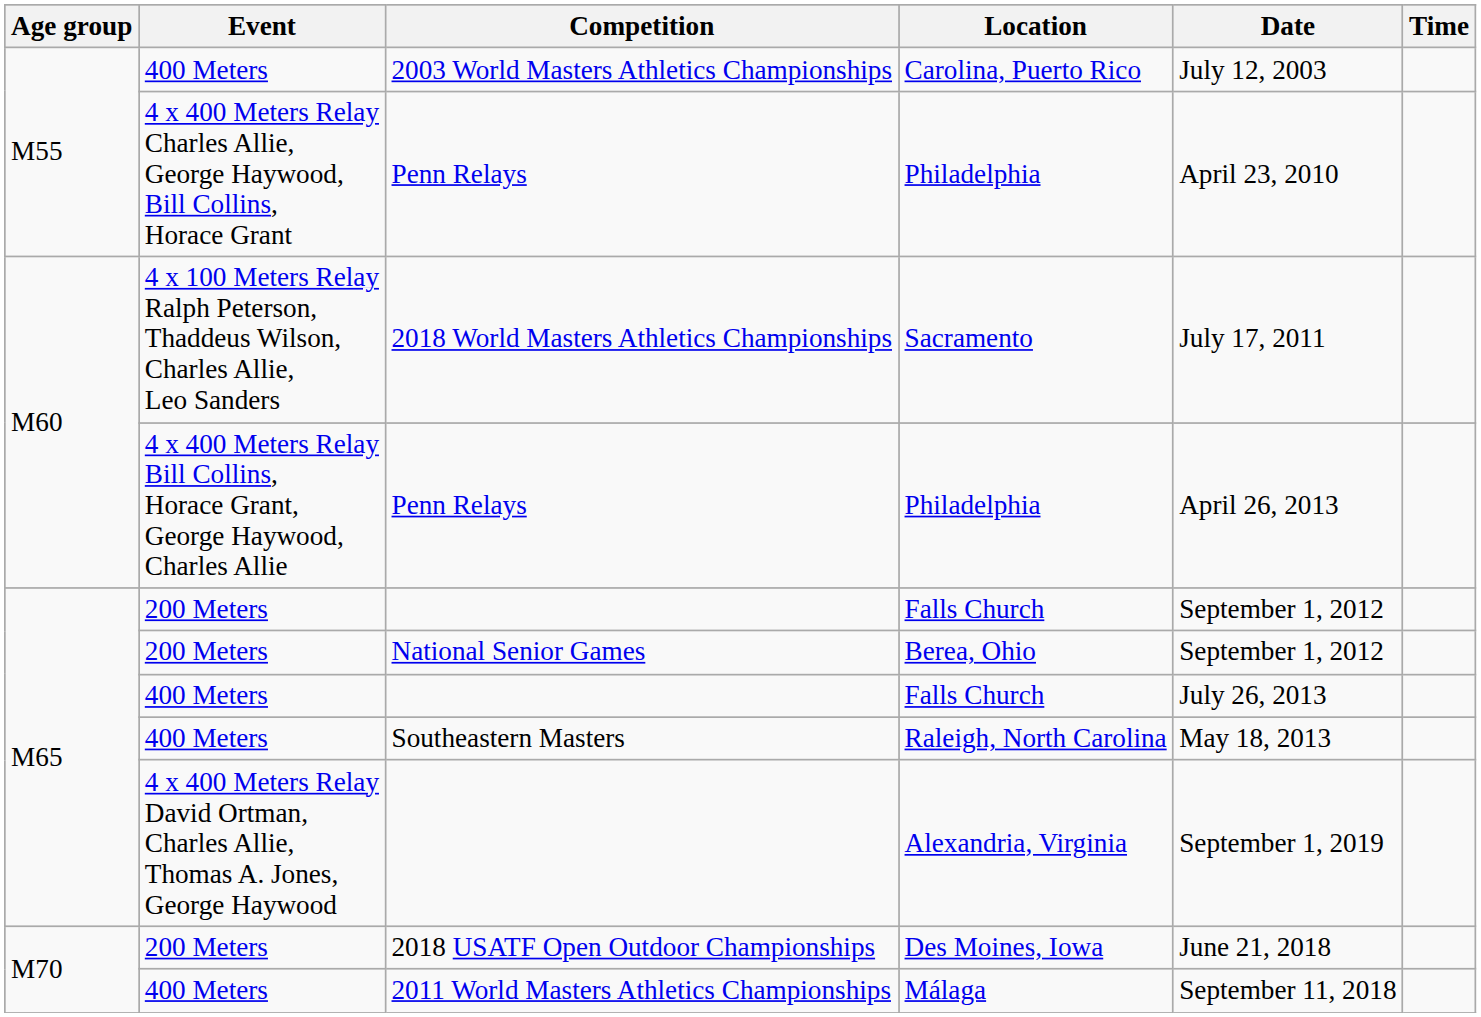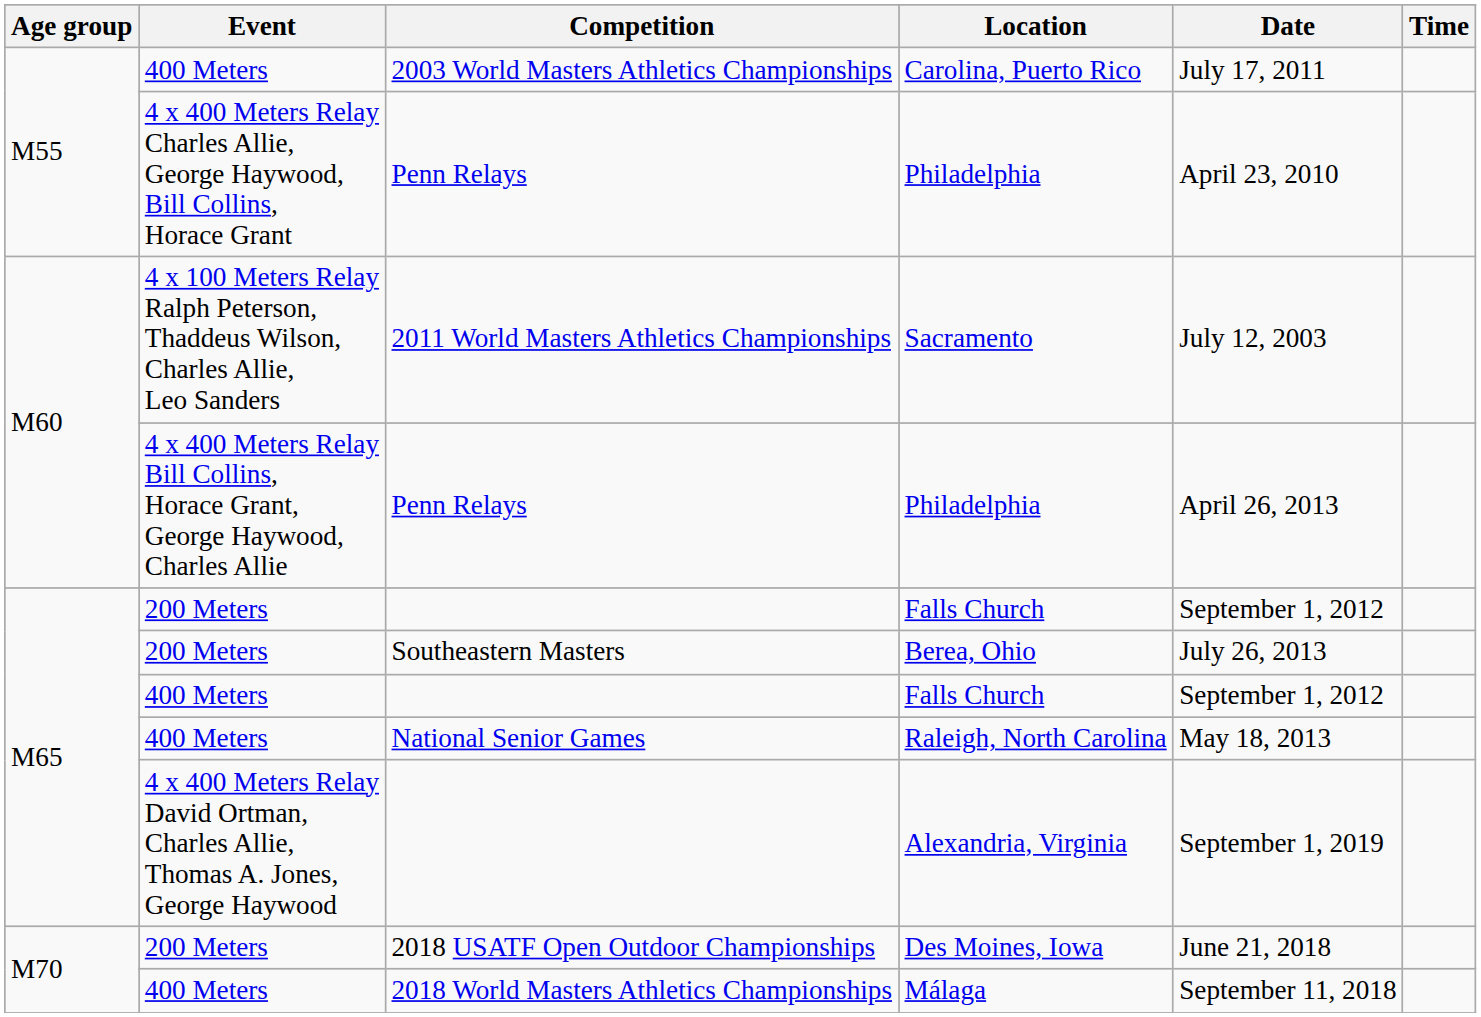 <table class="wikitable">
 <tr>
 <th>Age group</th>
 <th>Event</th>
 <th>Competition</th>
 <th>Location</th>
 <th>Date</th>
 <th>Time</th>
 </tr>
 <tr>
 <td rowspan="2">M55</td>
 <td><a href='#'>400 Meters</a></td>
 <td><a href='#'>2003 World Masters Athletics Championships</a></td>
 <td><a href='#'>Carolina, Puerto Rico</a> </td>
-<td>July 12, 2003</td>
+<td>July 17, 2011</td>
 <td></td>
 </tr>
 <tr>
 <td><a href='#'>4 x 400 Meters Relay</a><br>Charles Allie,<br>George Haywood,<br><a href='#'>Bill Collins</a>,<br>Horace Grant</td>
 <td><a href='#'>Penn Relays</a></td>
 <td><a href='#'>Philadelphia</a> </td>
 <td>April 23, 2010</td>
 <td></td>
 </tr>
 <tr>
 <td rowspan="2">M60</td>
 <td><a href='#'>4 x 100 Meters Relay</a><br>Ralph Peterson,<br>Thaddeus Wilson,<br>Charles Allie,<br>Leo Sanders</td>
-<td><a href='#'>2018 World Masters Athletics Championships</a></td>
+<td><a href='#'>2011 World Masters Athletics Championships</a></td>
 <td><a href='#'>Sacramento</a> </td>
-<td>July 17, 2011</td>
+<td>July 12, 2003</td>
 <td></td>
 </tr>
 <tr>
 <td><a href='#'>4 x 400 Meters Relay</a><br><a href='#'>Bill Collins</a>,<br>Horace Grant,<br>George Haywood,<br>Charles Allie</td>
 <td><a href='#'>Penn Relays</a></td>
 <td><a href='#'>Philadelphia</a> </td>
 <td>April 26, 2013</td>
 <td></td>
 </tr>
 <tr>
 <td rowspan="5">M65</td>
 <td><a href='#'>200 Meters</a></td>
 <td></td>
 <td><a href='#'>Falls Church</a> </td>
 <td>September 1, 2012</td>
 <td></td>
 </tr>
 <tr>
 <td><a href='#'>200 Meters</a></td>
-<td><a href='#'>National Senior Games</a></td>
+<td>Southeastern Masters</td>
 <td><a href='#'>Berea, Ohio</a> </td>
-<td>September 1, 2012</td>
+<td>July 26, 2013</td>
 <td></td>
 </tr>
 <tr>
 <td><a href='#'>400 Meters</a></td>
 <td></td>
 <td><a href='#'>Falls Church</a> </td>
-<td>July 26, 2013</td>
+<td>September 1, 2012</td>
 <td></td>
 </tr>
 <tr>
 <td><a href='#'>400 Meters</a></td>
-<td>Southeastern Masters</td>
+<td><a href='#'>National Senior Games</a></td>
 <td><a href='#'>Raleigh, North Carolina</a> </td>
 <td>May 18, 2013</td>
 <td></td>
 </tr>
 <tr>
 <td><a href='#'>4 x 400 Meters Relay</a><br>David Ortman,<br>Charles Allie,<br>Thomas A. Jones,<br>George Haywood</td>
 <td></td>
 <td><a href='#'>Alexandria, Virginia</a> </td>
 <td>September 1, 2019</td>
 <td></td>
 </tr>
 <tr>
 <td rowspan="2">M70</td>
 <td><a href='#'>200 Meters</a></td>
 <td>2018 <a href='#'>USATF Open Outdoor Championships</a></td>
 <td><a href='#'>Des Moines, Iowa</a> </td>
 <td>June 21, 2018</td>
 <td></td>
 </tr>
 <tr>
 <td><a href='#'>400 Meters</a></td>
-<td><a href='#'>2011 World Masters Athletics Championships</a></td>
+<td><a href='#'>2018 World Masters Athletics Championships</a></td>
 <td><a href='#'>Málaga</a> </td>
 <td>September 11, 2018</td>
 <td></td>
 </tr>
 </table>
